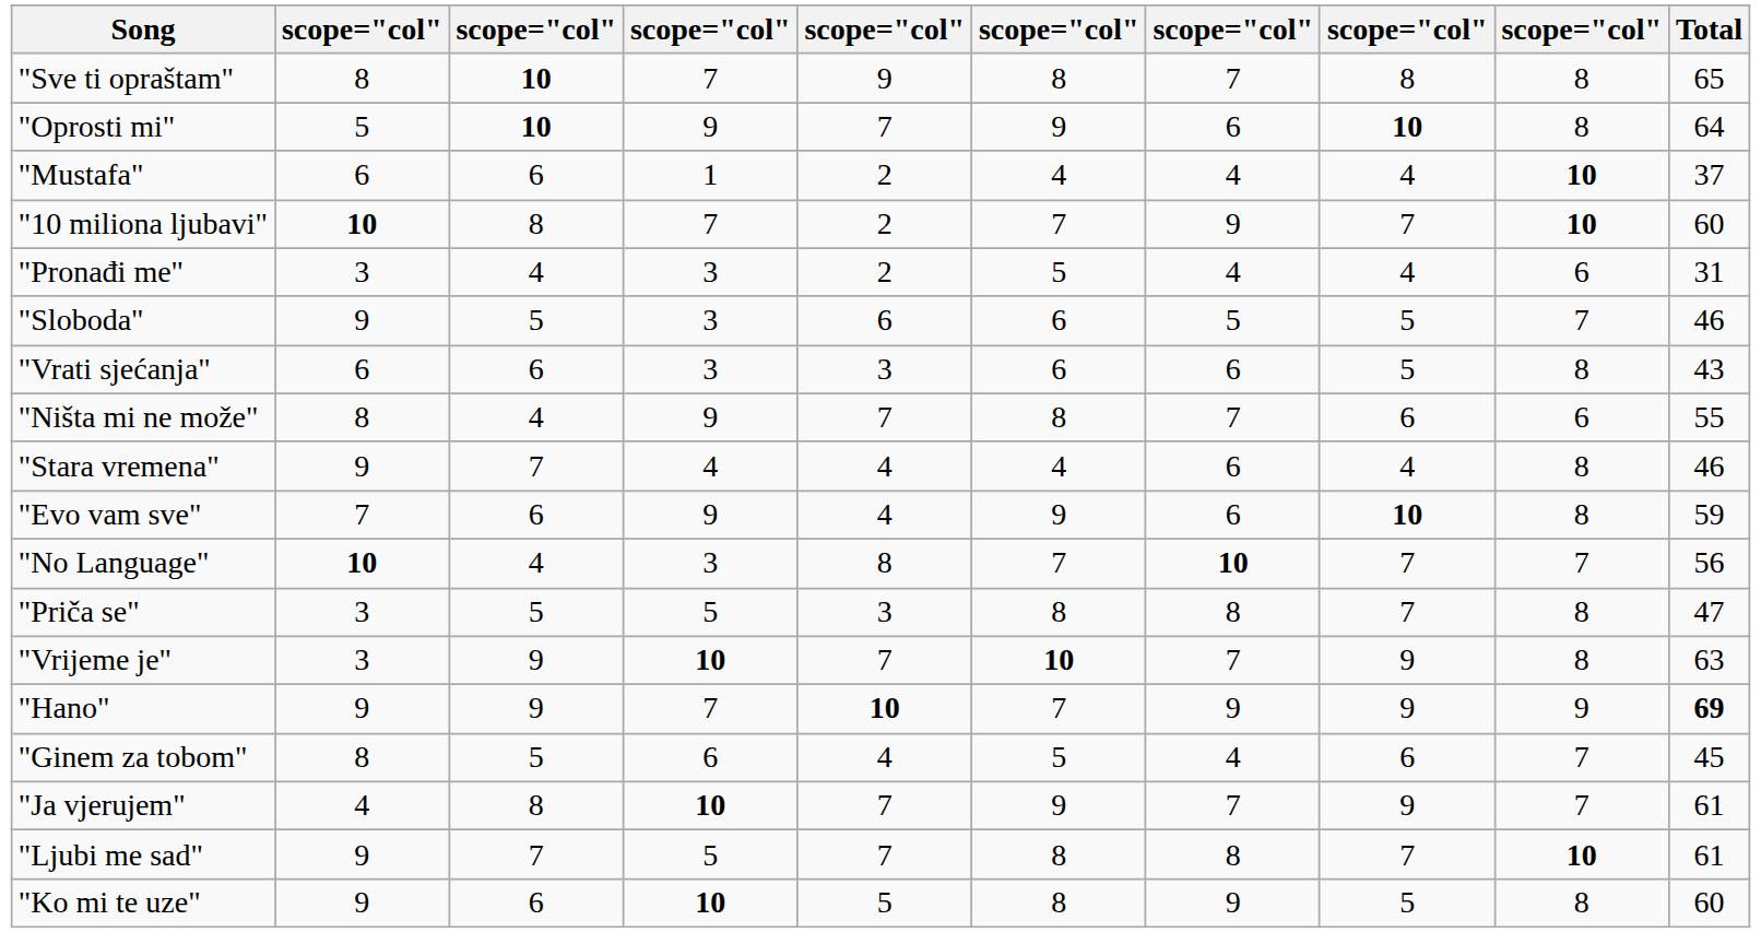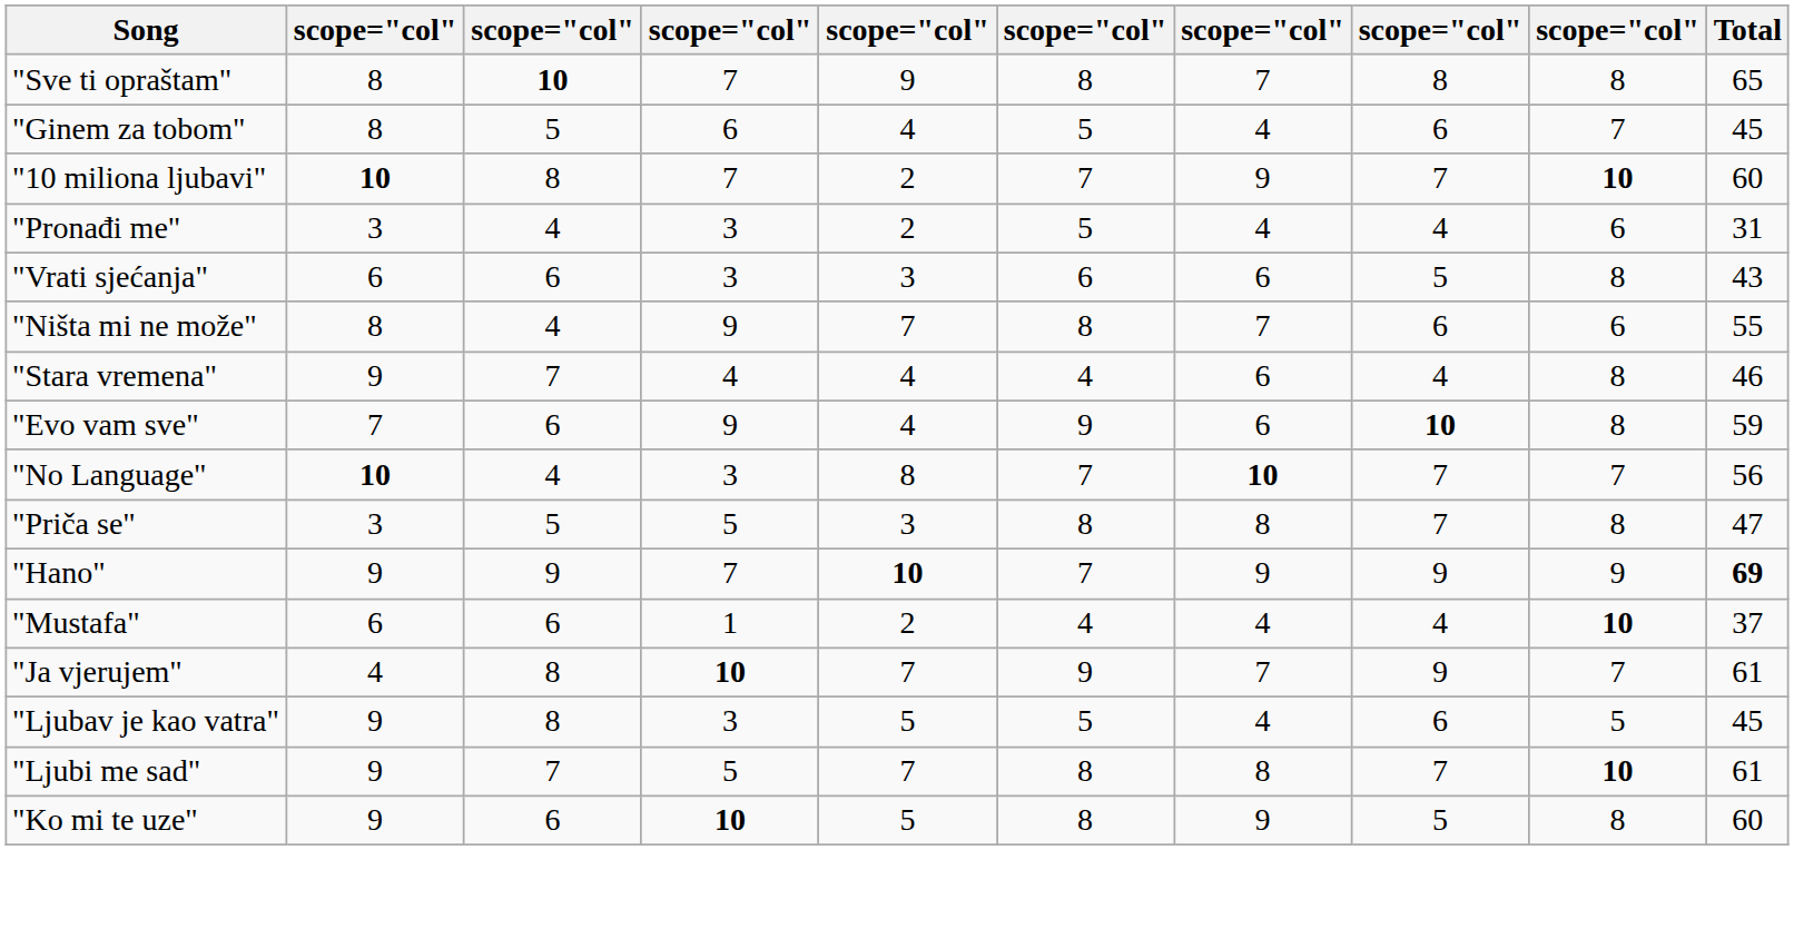 <table class="wikitable" style="margin: 1em auto 1em auto; text-align:center">
 <tr>
 <th>Song</th>
 <th>scope="col" </th>
 <th>scope="col" </th>
 <th>scope="col" </th>
 <th>scope="col" </th>
 <th>scope="col" </th>
 <th>scope="col" </th>
 <th>scope="col" </th>
 <th>scope="col" </th>
 <th>Total</th>
 </tr>
 <tr>
 <td align="left">"Sve ti opraštam"</td>
 <td>8</td>
 <td><strong>10</strong></td>
 <td>7</td>
 <td>9</td>
 <td>8</td>
 <td>7</td>
 <td>8</td>
 <td>8</td>
 <td>65</td>
 </tr>
 <tr>
-<td align="left">"Oprosti mi"</td>
+<td align="left">"Ginem za tobom"</td>
+<td>8</td>
 <td>5</td>
-<td><strong>10</strong></td>
-<td>9</td>
+<td>6</td>
+<td>4</td>
+<td>5</td>
+<td>4</td>
+<td>6</td>
 <td>7</td>
-<td>9</td>
-<td>6</td>
-<td><strong>10</strong></td>
-<td>8</td>
-<td>64</td>
-</tr>
-<tr>
-<td align="left">"Mustafa"</td>
-<td>6</td>
-<td>6</td>
-<td>1</td>
-<td>2</td>
-<td>4</td>
-<td>4</td>
-<td>4</td>
-<td><strong>10</strong></td>
-<td>37</td>
+<td>45</td>
 </tr>
 <tr>
 <td align="left">"10 miliona ljubavi"</td>
 <td><strong>10</strong></td>
 <td>8</td>
 <td>7</td>
 <td>2</td>
 <td>7</td>
 <td>9</td>
 <td>7</td>
 <td><strong>10</strong></td>
 <td>60</td>
 </tr>
 <tr>
 <td align="left">"Pronađi me"</td>
 <td>3</td>
 <td>4</td>
 <td>3</td>
 <td>2</td>
 <td>5</td>
 <td>4</td>
 <td>4</td>
 <td>6</td>
 <td>31</td>
-</tr>
-<tr>
-<td align="left">"Sloboda"</td>
-<td>9</td>
-<td>5</td>
-<td>3</td>
-<td>6</td>
-<td>6</td>
-<td>5</td>
-<td>5</td>
-<td>7</td>
-<td>46</td>
 </tr>
 <tr>
 <td align="left">"Vrati sjećanja"</td>
 <td>6</td>
 <td>6</td>
 <td>3</td>
 <td>3</td>
 <td>6</td>
 <td>6</td>
 <td>5</td>
 <td>8</td>
 <td>43</td>
 </tr>
 <tr>
 <td align="left">"Ništa mi ne može"</td>
 <td>8</td>
 <td>4</td>
 <td>9</td>
 <td>7</td>
 <td>8</td>
 <td>7</td>
 <td>6</td>
 <td>6</td>
 <td>55</td>
 </tr>
 <tr>
 <td align="left">"Stara vremena"</td>
 <td>9</td>
 <td>7</td>
 <td>4</td>
 <td>4</td>
 <td>4</td>
 <td>6</td>
 <td>4</td>
 <td>8</td>
 <td>46</td>
 </tr>
 <tr>
 <td align="left">"Evo vam sve"</td>
 <td>7</td>
 <td>6</td>
 <td>9</td>
 <td>4</td>
 <td>9</td>
 <td>6</td>
 <td><strong>10</strong></td>
 <td>8</td>
 <td>59</td>
 </tr>
 <tr>
 <td align="left">"No Language"</td>
 <td><strong>10</strong></td>
 <td>4</td>
 <td>3</td>
 <td>8</td>
 <td>7</td>
 <td><strong>10</strong></td>
 <td>7</td>
 <td>7</td>
 <td>56</td>
 </tr>
 <tr>
 <td align="left">"Priča se"</td>
 <td>3</td>
 <td>5</td>
 <td>5</td>
 <td>3</td>
 <td>8</td>
 <td>8</td>
 <td>7</td>
 <td>8</td>
 <td>47</td>
 </tr>
 <tr>
-<td align="left">"Vrijeme je"</td>
-<td>3</td>
-<td>9</td>
-<td><strong>10</strong></td>
-<td>7</td>
-<td><strong>10</strong></td>
-<td>7</td>
-<td>9</td>
-<td>8</td>
-<td>63</td>
-</tr>
-<tr>
 <td align="left">"Hano"</td>
 <td>9</td>
 <td>9</td>
 <td>7</td>
 <td><strong>10</strong></td>
 <td>7</td>
 <td>9</td>
 <td>9</td>
 <td>9</td>
 <td><strong>69</strong></td>
 </tr>
 <tr>
-<td align="left">"Ginem za tobom"</td>
-<td>8</td>
-<td>5</td>
+<td align="left">"Mustafa"</td>
 <td>6</td>
+<td>6</td>
+<td>1</td>
+<td>2</td>
 <td>4</td>
-<td>5</td>
 <td>4</td>
-<td>6</td>
-<td>7</td>
-<td>45</td>
+<td>4</td>
+<td><strong>10</strong></td>
+<td>37</td>
 </tr>
 <tr>
 <td align="left">"Ja vjerujem"</td>
 <td>4</td>
 <td>8</td>
 <td><strong>10</strong></td>
 <td>7</td>
 <td>9</td>
 <td>7</td>
 <td>9</td>
 <td>7</td>
 <td>61</td>
+</tr>
+<tr>
+<td align="left">"Ljubav je kao vatra"</td>
+<td>9</td>
+<td>8</td>
+<td>3</td>
+<td>5</td>
+<td>5</td>
+<td>4</td>
+<td>6</td>
+<td>5</td>
+<td>45</td>
 </tr>
 <tr>
 <td align="left">"Ljubi me sad"</td>
 <td>9</td>
 <td>7</td>
 <td>5</td>
 <td>7</td>
 <td>8</td>
 <td>8</td>
 <td>7</td>
 <td><strong>10</strong></td>
 <td>61</td>
 </tr>
 <tr>
 <td align="left">"Ko mi te uze"</td>
 <td>9</td>
 <td>6</td>
 <td><strong>10</strong></td>
 <td>5</td>
 <td>8</td>
 <td>9</td>
 <td>5</td>
 <td>8</td>
 <td>60</td>
 </tr>
 </table>
